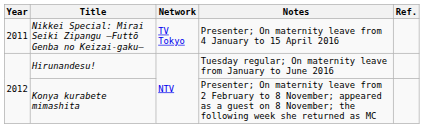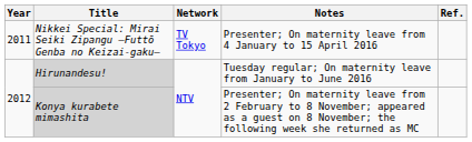 <table class="wikitable">
 <tr>
 <th>Year</th>
 <th>Title</th>
 <th>Network</th>
 <th>Notes</th>
 <th>Ref.</th>
 </tr>
 <tr>
 <td>2011</td>
 <td><em>Nikkei Special: Mirai Seiki Zipangu –Futtō Genba no Keizai-gaku–</em></td>
 <td><a href='#'>TV Tokyo</a></td>
 <td>Presenter; On maternity leave from 4 January to 15 April 2016</td>
 <td></td>
 </tr>
 <tr>
 <td rowspan="2">2012</td>
-<td><em>Hirunandesu!</em></td>
+<td style="background: lightgrey;"><em>Hirunandesu!</em></td>
 <td rowspan="2"><a href='#'>NTV</a></td>
 <td>Tuesday regular; On maternity leave from January to June 2016</td>
 <td></td>
 </tr>
 <tr>
-<td><em>Konya kurabete mimashita</em></td>
+<td style="background: lightgrey;"><em>Konya kurabete mimashita</em></td>
 <td>Presenter; On maternity leave from 2 February to 8 November; appeared as a guest on 8 November; the following week she returned as MC</td>
 <td></td>
 </tr>
 </table>
